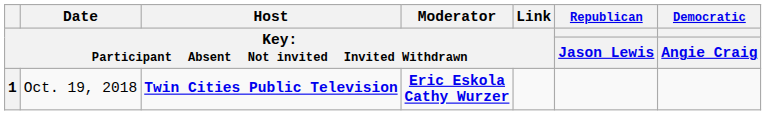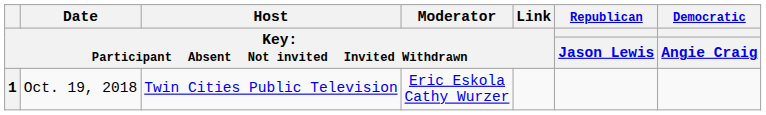 <table class="wikitable" style="text-align:center;">
 <tr>
 <th scope="col"></th>
 <th scope="col">Date</th>
 <th scope="col">Host</th>
 <th scope="col">Moderator</th>
 <th scope="col">Link</th>
 <th scope="col"><small><a href='#'>Republican</a></small></th>
 <th scope="col"><small><a href='#'>Democratic</a></small></th>
 </tr>
 <tr>
 <th colspan="5" rowspan="2">Key:<br> <small>Participant </small>  <small>Absent </small>  <small>Not invited </small>  <small>Invited  Withdrawn</small></th>
 <th scope="col" style="background:"></th>
 <th scope="col" style="background:"></th>
 </tr>
 <tr>
 <th scope="col"><a href='#'>Jason Lewis</a></th>
 <th scope="col"><a href='#'>Angie Craig</a></th>
 </tr>
 <tr>
 <th>1</th>
 <td style="white-space:nowrap;">Oct. 19, 2018</td>
-<td style="white-space:nowrap;"><strong><a href='#'>Twin Cities Public Television</a></strong></td>
-<td style="white-space:nowrap;"><strong><a href='#'>Eric Eskola</a><br><a href='#'>Cathy Wurzer</a></strong></td>
+<td style="white-space:nowrap;"><a href='#'>Twin Cities Public Television</a></td>
+<td style="white-space:nowrap;"><a href='#'>Eric Eskola</a><br><a href='#'>Cathy Wurzer</a></td>
 <td style="white-space:nowrap;"></td>
 <td></td>
 <td></td>
 </tr>
 </table>
